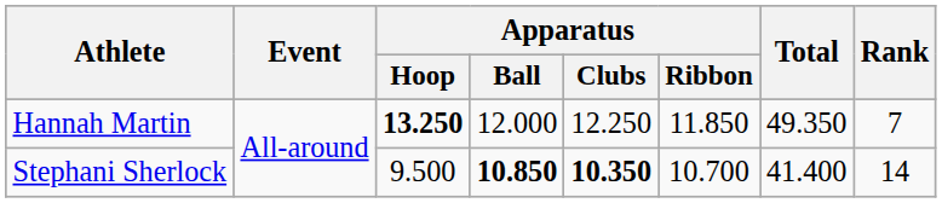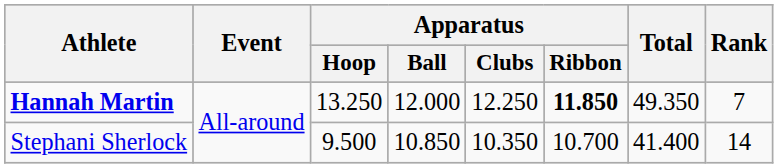 <table class=wikitable style=font-size:90%;text-align:center>
 <tr>
 <th rowspan=2>Athlete</th>
 <th rowspan=2>Event</th>
 <th colspan=4>Apparatus</th>
 <th rowspan=2>Total</th>
 <th rowspan=2>Rank</th>
 </tr>
 <tr style=font-size:95%>
 <th>Hoop</th>
 <th>Ball</th>
 <th>Clubs</th>
 <th>Ribbon</th>
 </tr>
 <tr>
-<td align=left><a href='#'>Hannah Martin</a></td>
+<td align=left><strong><a href='#'>Hannah Martin</a></strong></td>
 <td align=left rowspan=2><a href='#'>All-around</a></td>
-<td><strong>13.250</strong></td>
+<td>13.250</td>
 <td>12.000</td>
 <td>12.250</td>
-<td>11.850</td>
+<td><strong>11.850</strong></td>
 <td>49.350</td>
 <td>7</td>
 </tr>
 <tr>
 <td align=left><a href='#'>Stephani Sherlock</a></td>
 <td>9.500</td>
-<td><strong>10.850</strong></td>
-<td><strong>10.350</strong></td>
+<td>10.850</td>
+<td>10.350</td>
 <td>10.700</td>
 <td>41.400</td>
 <td>14</td>
 </tr>
 </table>
